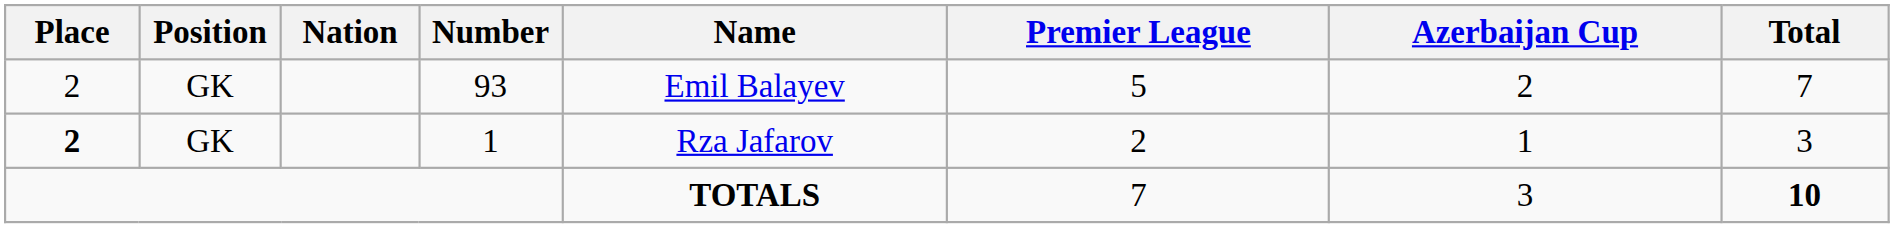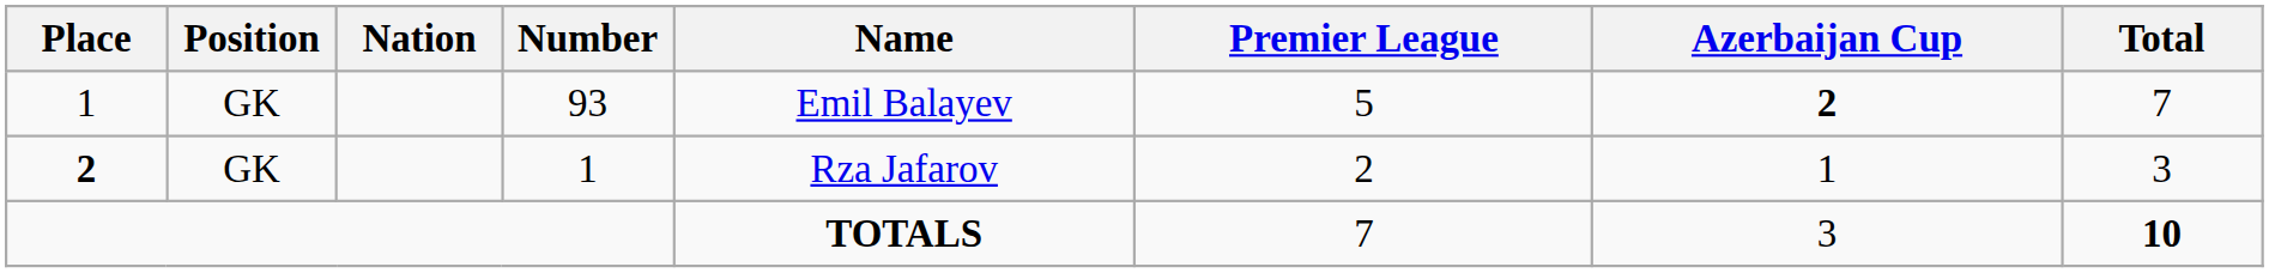 <table class="wikitable" style="font-size: 95%; text-align: center;">
 <tr>
 <th width=60>Place</th>
 <th width=60>Position</th>
 <th width=60>Nation</th>
 <th width=60>Number</th>
 <th width=200>Name</th>
 <th width=200><a href='#'>Premier League</a></th>
 <th width=200><a href='#'>Azerbaijan Cup</a></th>
 <th width=80><strong>Total</strong></th>
 </tr>
 <tr>
-<td>2</td>
+<td>1</td>
 <td>GK</td>
 <td></td>
 <td>93</td>
 <td><a href='#'>Emil Balayev</a></td>
 <td>5</td>
-<td>2</td>
+<td><strong>2</strong></td>
 <td>7</td>
 </tr>
 <tr>
 <td><strong>2</strong></td>
 <td>GK</td>
 <td></td>
 <td>1</td>
 <td><a href='#'>Rza Jafarov</a></td>
 <td>2</td>
 <td>1</td>
 <td>3</td>
 </tr>
 <tr>
 <td colspan="4"></td>
 <td><strong>TOTALS</strong></td>
 <td>7</td>
 <td>3</td>
 <td><strong>10</strong></td>
 </tr>
 </table>
